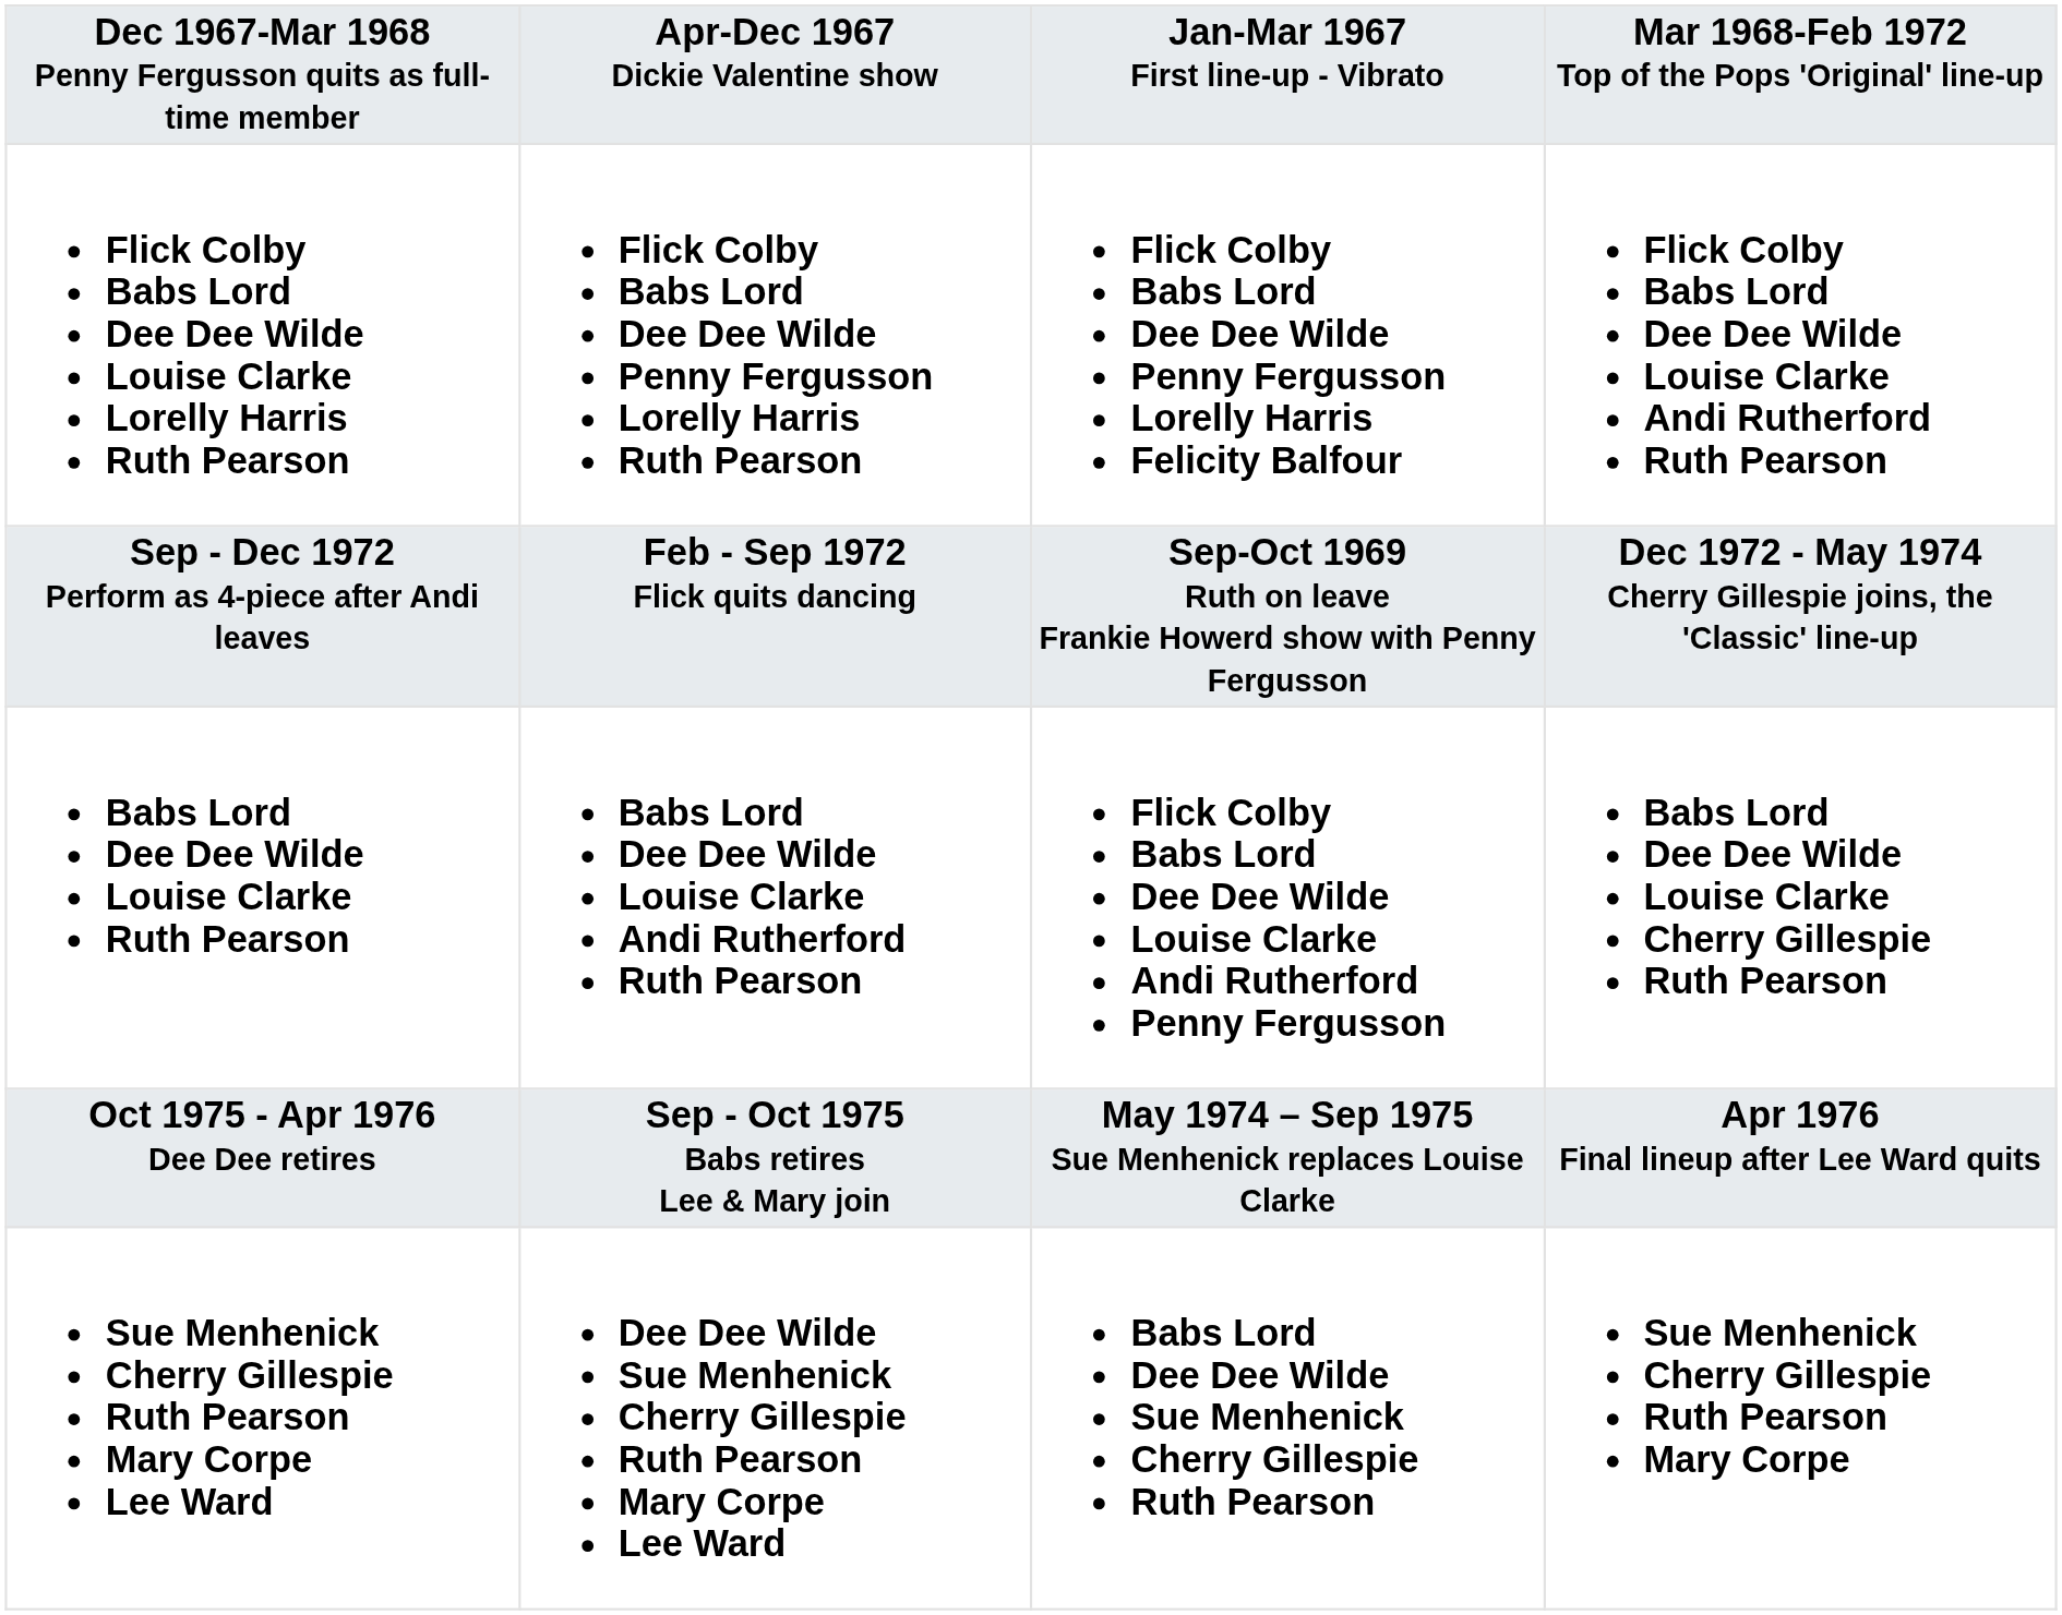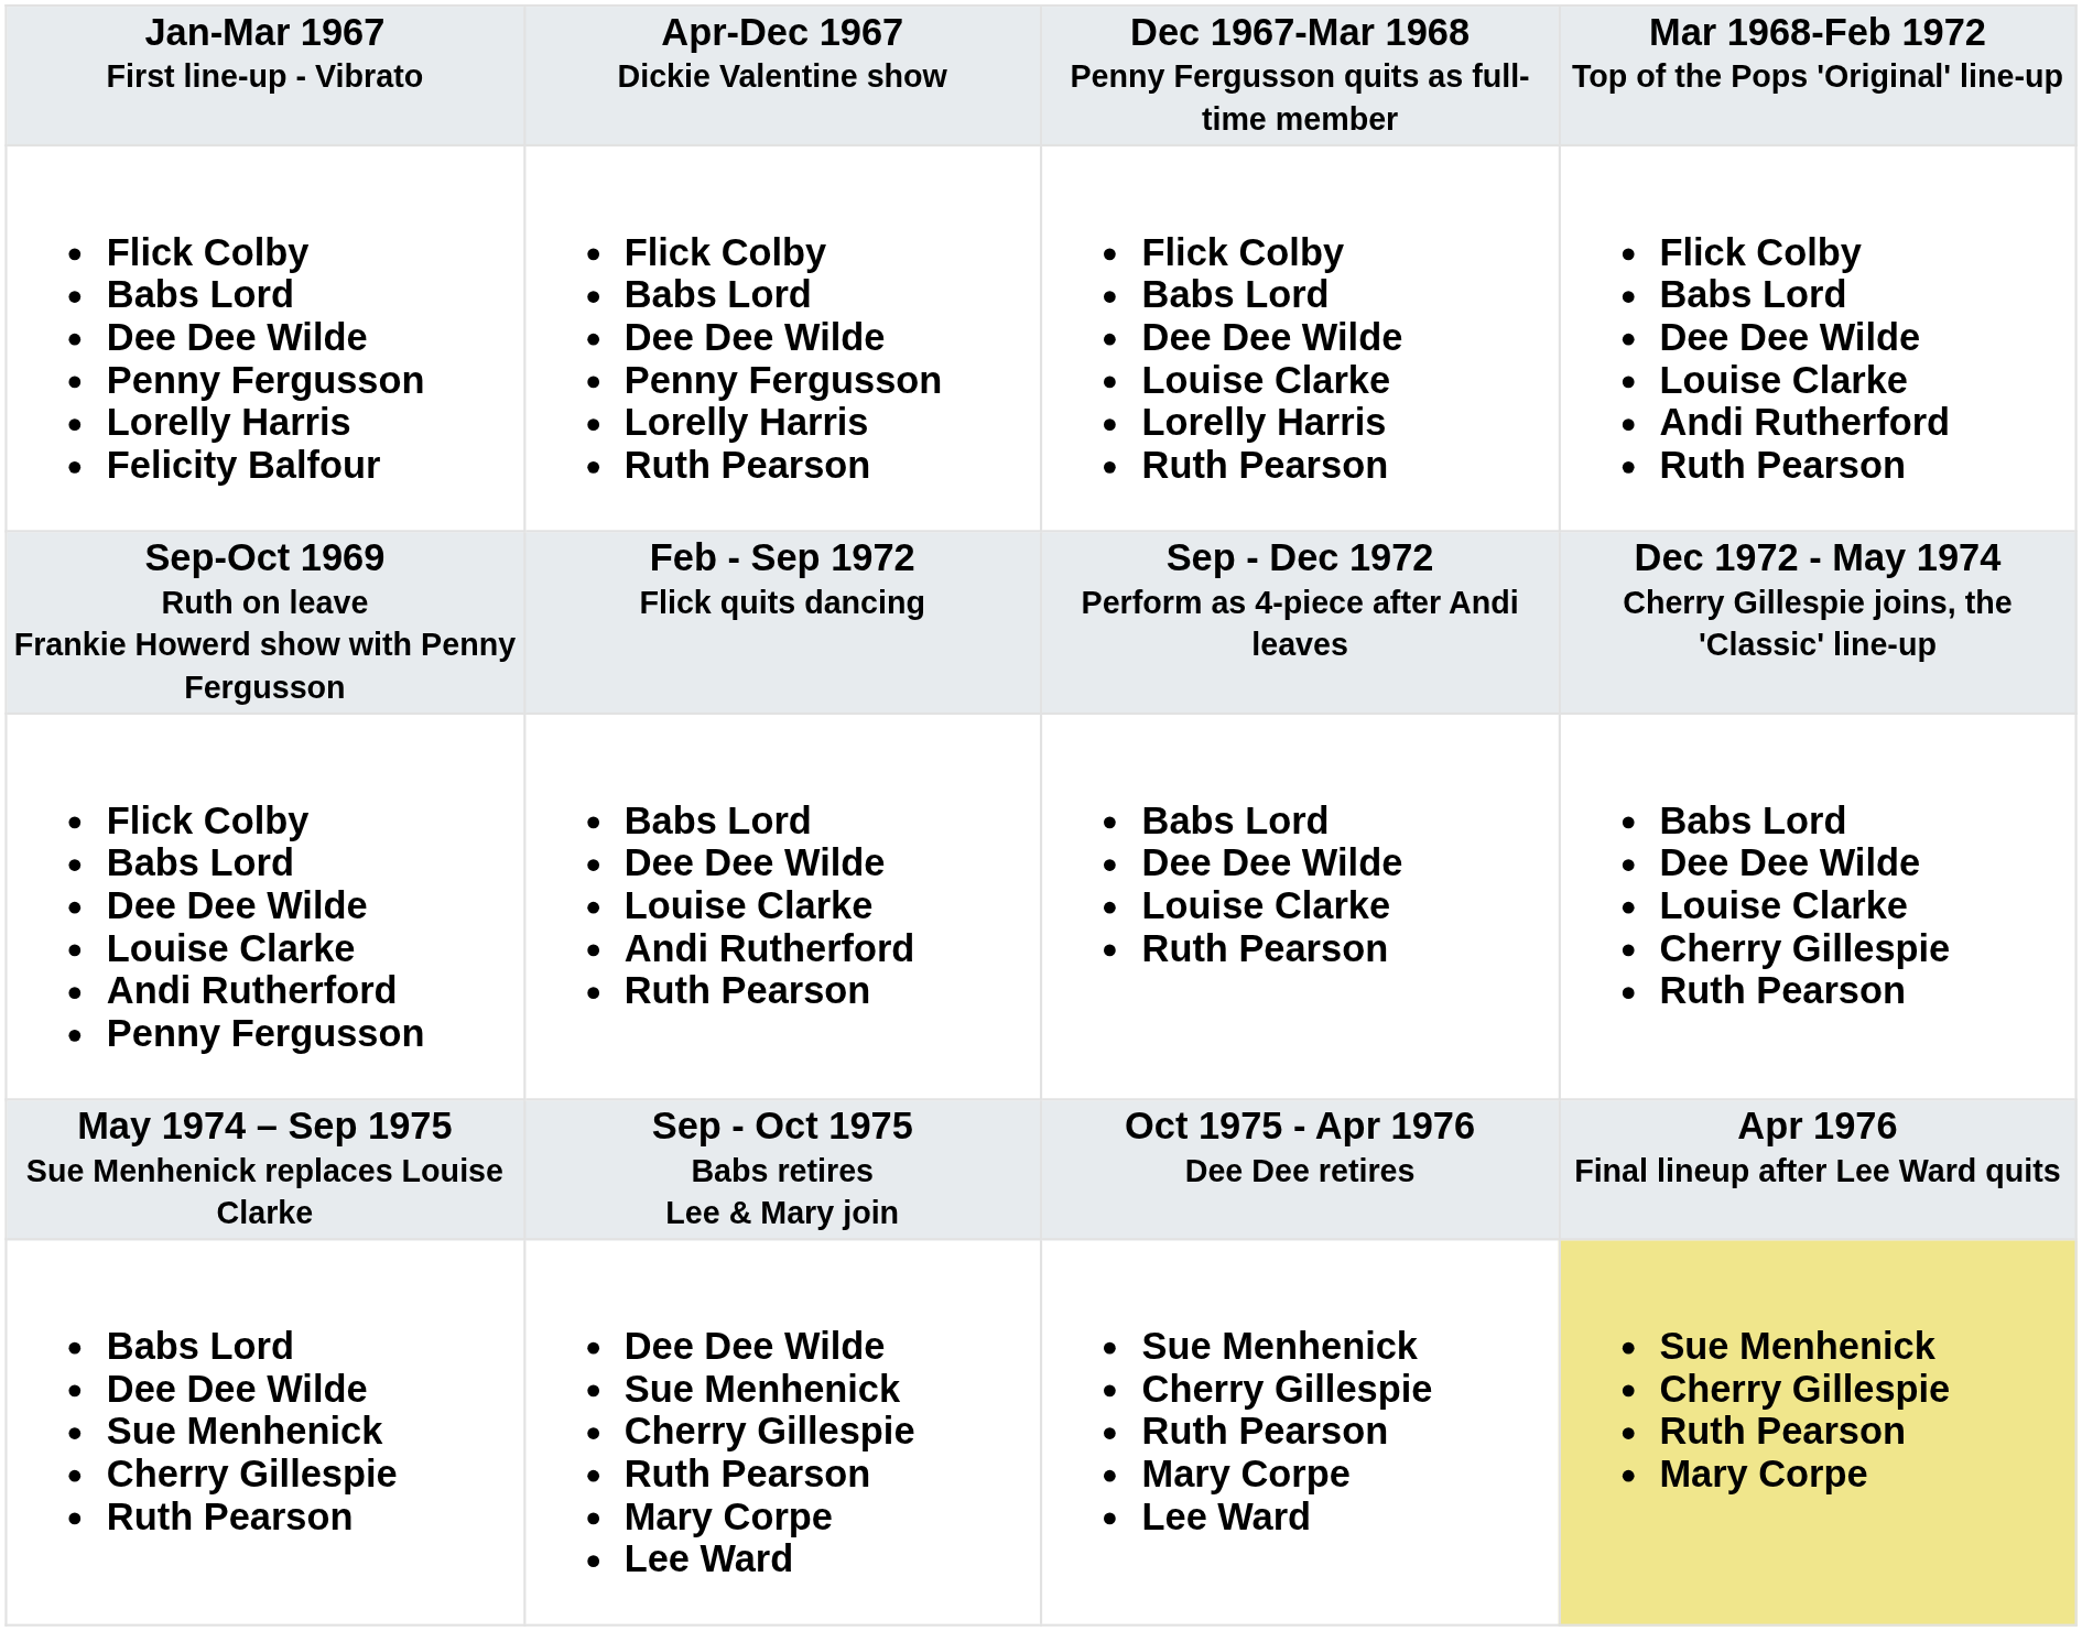 <table class="toccolours" border="1" cellpadding="2" cellspacing="0"  style="float:width:375px; margin:0 0 1em 1em; border-collapse:collapse; border:1px solid #e2e2e2; width:99%;">
 <tr>
+<th style="vertical-align:top; background:#e7ebee; width:25%;">Jan-Mar 1967<br><small>First line-up - Vibrato</small></th>
+<th style="vertical-align:top; background:#e7ebee; width:25%;">Apr-Dec 1967<br><small>Dickie Valentine show</small></th>
 <th style="vertical-align:top; background:#e7ebee; width:25%;">Dec 1967-Mar 1968<br><small>Penny Fergusson quits as full-time member</small></th>
-<th style="vertical-align:top; background:#e7ebee; width:25%;">Apr-Dec 1967<br><small>Dickie Valentine show</small></th>
-<th style="vertical-align:top; background:#e7ebee; width:25%;">Jan-Mar 1967<br><small>First line-up - Vibrato</small></th>
 <th style="vertical-align:top; background:#e7ebee; width:25%;">Mar 1968-Feb 1972<br><small>Top of the Pops 'Original' line-up</small></th>
 </tr>
 <tr>
+<td valign=top><br><ul><li><strong>Flick Colby</strong></li><li><strong>Babs Lord</strong></li><li><strong>Dee Dee Wilde</strong></li><li><strong>Penny Fergusson</strong></li><li><strong>Lorelly Harris</strong></li><li><strong>Felicity Balfour</strong></li></ul></td>
+<td valign=top><br><ul><li><strong>Flick Colby</strong></li><li><strong>Babs Lord</strong></li><li><strong>Dee Dee Wilde</strong></li><li><strong>Penny Fergusson</strong></li><li><strong>Lorelly Harris</strong></li><li><strong>Ruth Pearson</strong></li></ul></td>
 <td valign=top><br><ul><li><strong>Flick Colby</strong></li><li><strong>Babs Lord</strong></li><li><strong>Dee Dee Wilde</strong></li><li><strong>Louise Clarke</strong></li><li><strong>Lorelly Harris</strong></li><li><strong>Ruth Pearson</strong></li></ul></td>
-<td valign=top><br><ul><li><strong>Flick Colby</strong></li><li><strong>Babs Lord</strong></li><li><strong>Dee Dee Wilde</strong></li><li><strong>Penny Fergusson</strong></li><li><strong>Lorelly Harris</strong></li><li><strong>Ruth Pearson</strong></li></ul></td>
-<td valign=top><br><ul><li><strong>Flick Colby</strong></li><li><strong>Babs Lord</strong></li><li><strong>Dee Dee Wilde</strong></li><li><strong>Penny Fergusson</strong></li><li><strong>Lorelly Harris</strong></li><li><strong>Felicity Balfour</strong></li></ul></td>
 <td valign=top><br><ul><li><strong>Flick Colby</strong></li><li><strong>Babs Lord</strong></li><li><strong>Dee Dee Wilde</strong></li><li><strong>Louise Clarke</strong></li><li><strong>Andi Rutherford</strong></li><li><strong>Ruth Pearson</strong></li></ul></td>
 </tr>
 <tr>
+<th style="vertical-align:top; background:#e7ebee; width:25%;">Sep-Oct 1969 <br><small>Ruth on leave</small><br><small>Frankie Howerd show with Penny Fergusson</small></th>
+<th style="vertical-align:top; background:#e7ebee; width:25%;">Feb - Sep 1972 <br><small>Flick quits dancing</small></th>
 <th style="vertical-align:top; background:#e7ebee; width:25%;">Sep - Dec 1972 <br><small>Perform as 4-piece after Andi leaves</small></th>
-<th style="vertical-align:top; background:#e7ebee; width:25%;">Feb - Sep 1972 <br><small>Flick quits dancing</small></th>
-<th style="vertical-align:top; background:#e7ebee; width:25%;">Sep-Oct 1969 <br><small>Ruth on leave</small><br><small>Frankie Howerd show with Penny Fergusson</small></th>
 <th style="vertical-align:top; background:#e7ebee; width:25%;">Dec 1972 - May 1974 <br><small>Cherry Gillespie joins, the 'Classic' line-up</small></th>
 </tr>
 <tr>
+<td valign=top><br><ul><li><strong>Flick Colby</strong></li><li><strong>Babs Lord</strong></li><li><strong>Dee Dee Wilde</strong></li><li><strong>Louise Clarke</strong></li><li><strong>Andi Rutherford</strong></li><li><strong>Penny Fergusson</strong></li></ul></td>
+<td valign=top><br><ul><li><strong>Babs Lord</strong></li><li><strong>Dee Dee Wilde</strong></li><li><strong>Louise Clarke</strong></li><li><strong>Andi Rutherford</strong></li><li><strong>Ruth Pearson</strong></li></ul></td>
 <td valign=top><br><ul><li><strong>Babs Lord</strong></li><li><strong>Dee Dee Wilde</strong></li><li><strong>Louise Clarke</strong></li><li><strong>Ruth Pearson</strong></li></ul></td>
-<td valign=top><br><ul><li><strong>Babs Lord</strong></li><li><strong>Dee Dee Wilde</strong></li><li><strong>Louise Clarke</strong></li><li><strong>Andi Rutherford</strong></li><li><strong>Ruth Pearson</strong></li></ul></td>
-<td valign=top><br><ul><li><strong>Flick Colby</strong></li><li><strong>Babs Lord</strong></li><li><strong>Dee Dee Wilde</strong></li><li><strong>Louise Clarke</strong></li><li><strong>Andi Rutherford</strong></li><li><strong>Penny Fergusson</strong></li></ul></td>
 <td valign=top><br><ul><li><strong>Babs Lord</strong></li><li><strong>Dee Dee Wilde</strong></li><li><strong>Louise Clarke</strong></li><li><strong>Cherry Gillespie</strong></li><li><strong>Ruth Pearson</strong></li></ul></td>
 </tr>
 <tr>
+<th style="vertical-align:top; background:#e7ebee; width:25%;">May 1974 – Sep 1975 <small><br>Sue Menhenick replaces Louise Clarke</small></th>
+<th style="vertical-align:top; background:#e7ebee; width:25%;">Sep - Oct 1975 <small><br>Babs retires</small><small><br>Lee & Mary join</small></th>
 <th style="vertical-align:top; background:#e7ebee; width:25%;">Oct 1975 - Apr 1976<small><br>Dee Dee retires</small></th>
-<th style="vertical-align:top; background:#e7ebee; width:25%;">Sep - Oct 1975 <small><br>Babs retires</small><small><br>Lee & Mary join</small></th>
-<th style="vertical-align:top; background:#e7ebee; width:25%;">May 1974 – Sep 1975 <small><br>Sue Menhenick replaces Louise Clarke</small></th>
 <th style="vertical-align:top; background:#e7ebee; width:25%;">Apr 1976 <small><br>Final lineup after Lee Ward quits</small></th>
 </tr>
 <tr>
+<td valign=top><br><ul><li><strong>Babs Lord</strong></li><li><strong>Dee Dee Wilde</strong></li><li><strong>Sue Menhenick</strong></li><li><strong>Cherry Gillespie</strong></li><li><strong>Ruth Pearson</strong></li></ul></td>
+<td valign=top><br><ul><li><strong>Dee Dee Wilde</strong></li><li><strong>Sue Menhenick</strong></li><li><strong>Cherry Gillespie</strong></li><li><strong>Ruth Pearson</strong></li><li><strong>Mary Corpe</strong></li><li><strong>Lee Ward</strong></li></ul></td>
 <td valign=top><br><ul><li><strong>Sue Menhenick</strong></li><li><strong>Cherry Gillespie</strong></li><li><strong>Ruth Pearson</strong></li><li><strong>Mary Corpe</strong></li><li><strong>Lee Ward</strong></li></ul></td>
-<td valign=top><br><ul><li><strong>Dee Dee Wilde</strong></li><li><strong>Sue Menhenick</strong></li><li><strong>Cherry Gillespie</strong></li><li><strong>Ruth Pearson</strong></li><li><strong>Mary Corpe</strong></li><li><strong>Lee Ward</strong></li></ul></td>
-<td valign=top><br><ul><li><strong>Babs Lord</strong></li><li><strong>Dee Dee Wilde</strong></li><li><strong>Sue Menhenick</strong></li><li><strong>Cherry Gillespie</strong></li><li><strong>Ruth Pearson</strong></li></ul></td>
-<td valign=top><br><ul><li><strong>Sue Menhenick</strong></li><li><strong>Cherry Gillespie</strong></li><li><strong>Ruth Pearson</strong></li><li><strong>Mary Corpe</strong></li></ul></td>
+<td valign=top style="background: khaki;"><br><ul><li><strong>Sue Menhenick</strong></li><li><strong>Cherry Gillespie</strong></li><li><strong>Ruth Pearson</strong></li><li><strong>Mary Corpe</strong></li></ul></td>
 </tr>
 </table>
